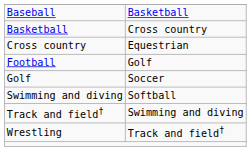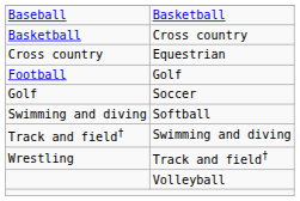 <table class="wikitable">
 <tr>
 </tr>
 <tr>
 <td><a href='#'>Baseball</a></td>
 <td><a href='#'>Basketball</a></td>
 </tr>
 <tr>
 <td><a href='#'>Basketball</a></td>
 <td>Cross country</td>
 </tr>
 <tr>
 <td>Cross country</td>
 <td>Equestrian</td>
 </tr>
 <tr>
 <td><a href='#'>Football</a></td>
 <td>Golf</td>
 </tr>
 <tr>
 <td>Golf</td>
 <td>Soccer</td>
 </tr>
 <tr>
 <td>Swimming and diving</td>
 <td>Softball</td>
 </tr>
 <tr>
 <td>Track and field<sup>†</sup></td>
 <td>Swimming and diving</td>
 </tr>
 <tr>
 <td>Wrestling</td>
 <td>Track and field<sup>†</sup></td>
 </tr>
 <tr>
+<td></td>
+<td>Volleyball</td>
+</tr>
+<tr>
 <td colspan="2"></td>
 </tr>
 </table>
